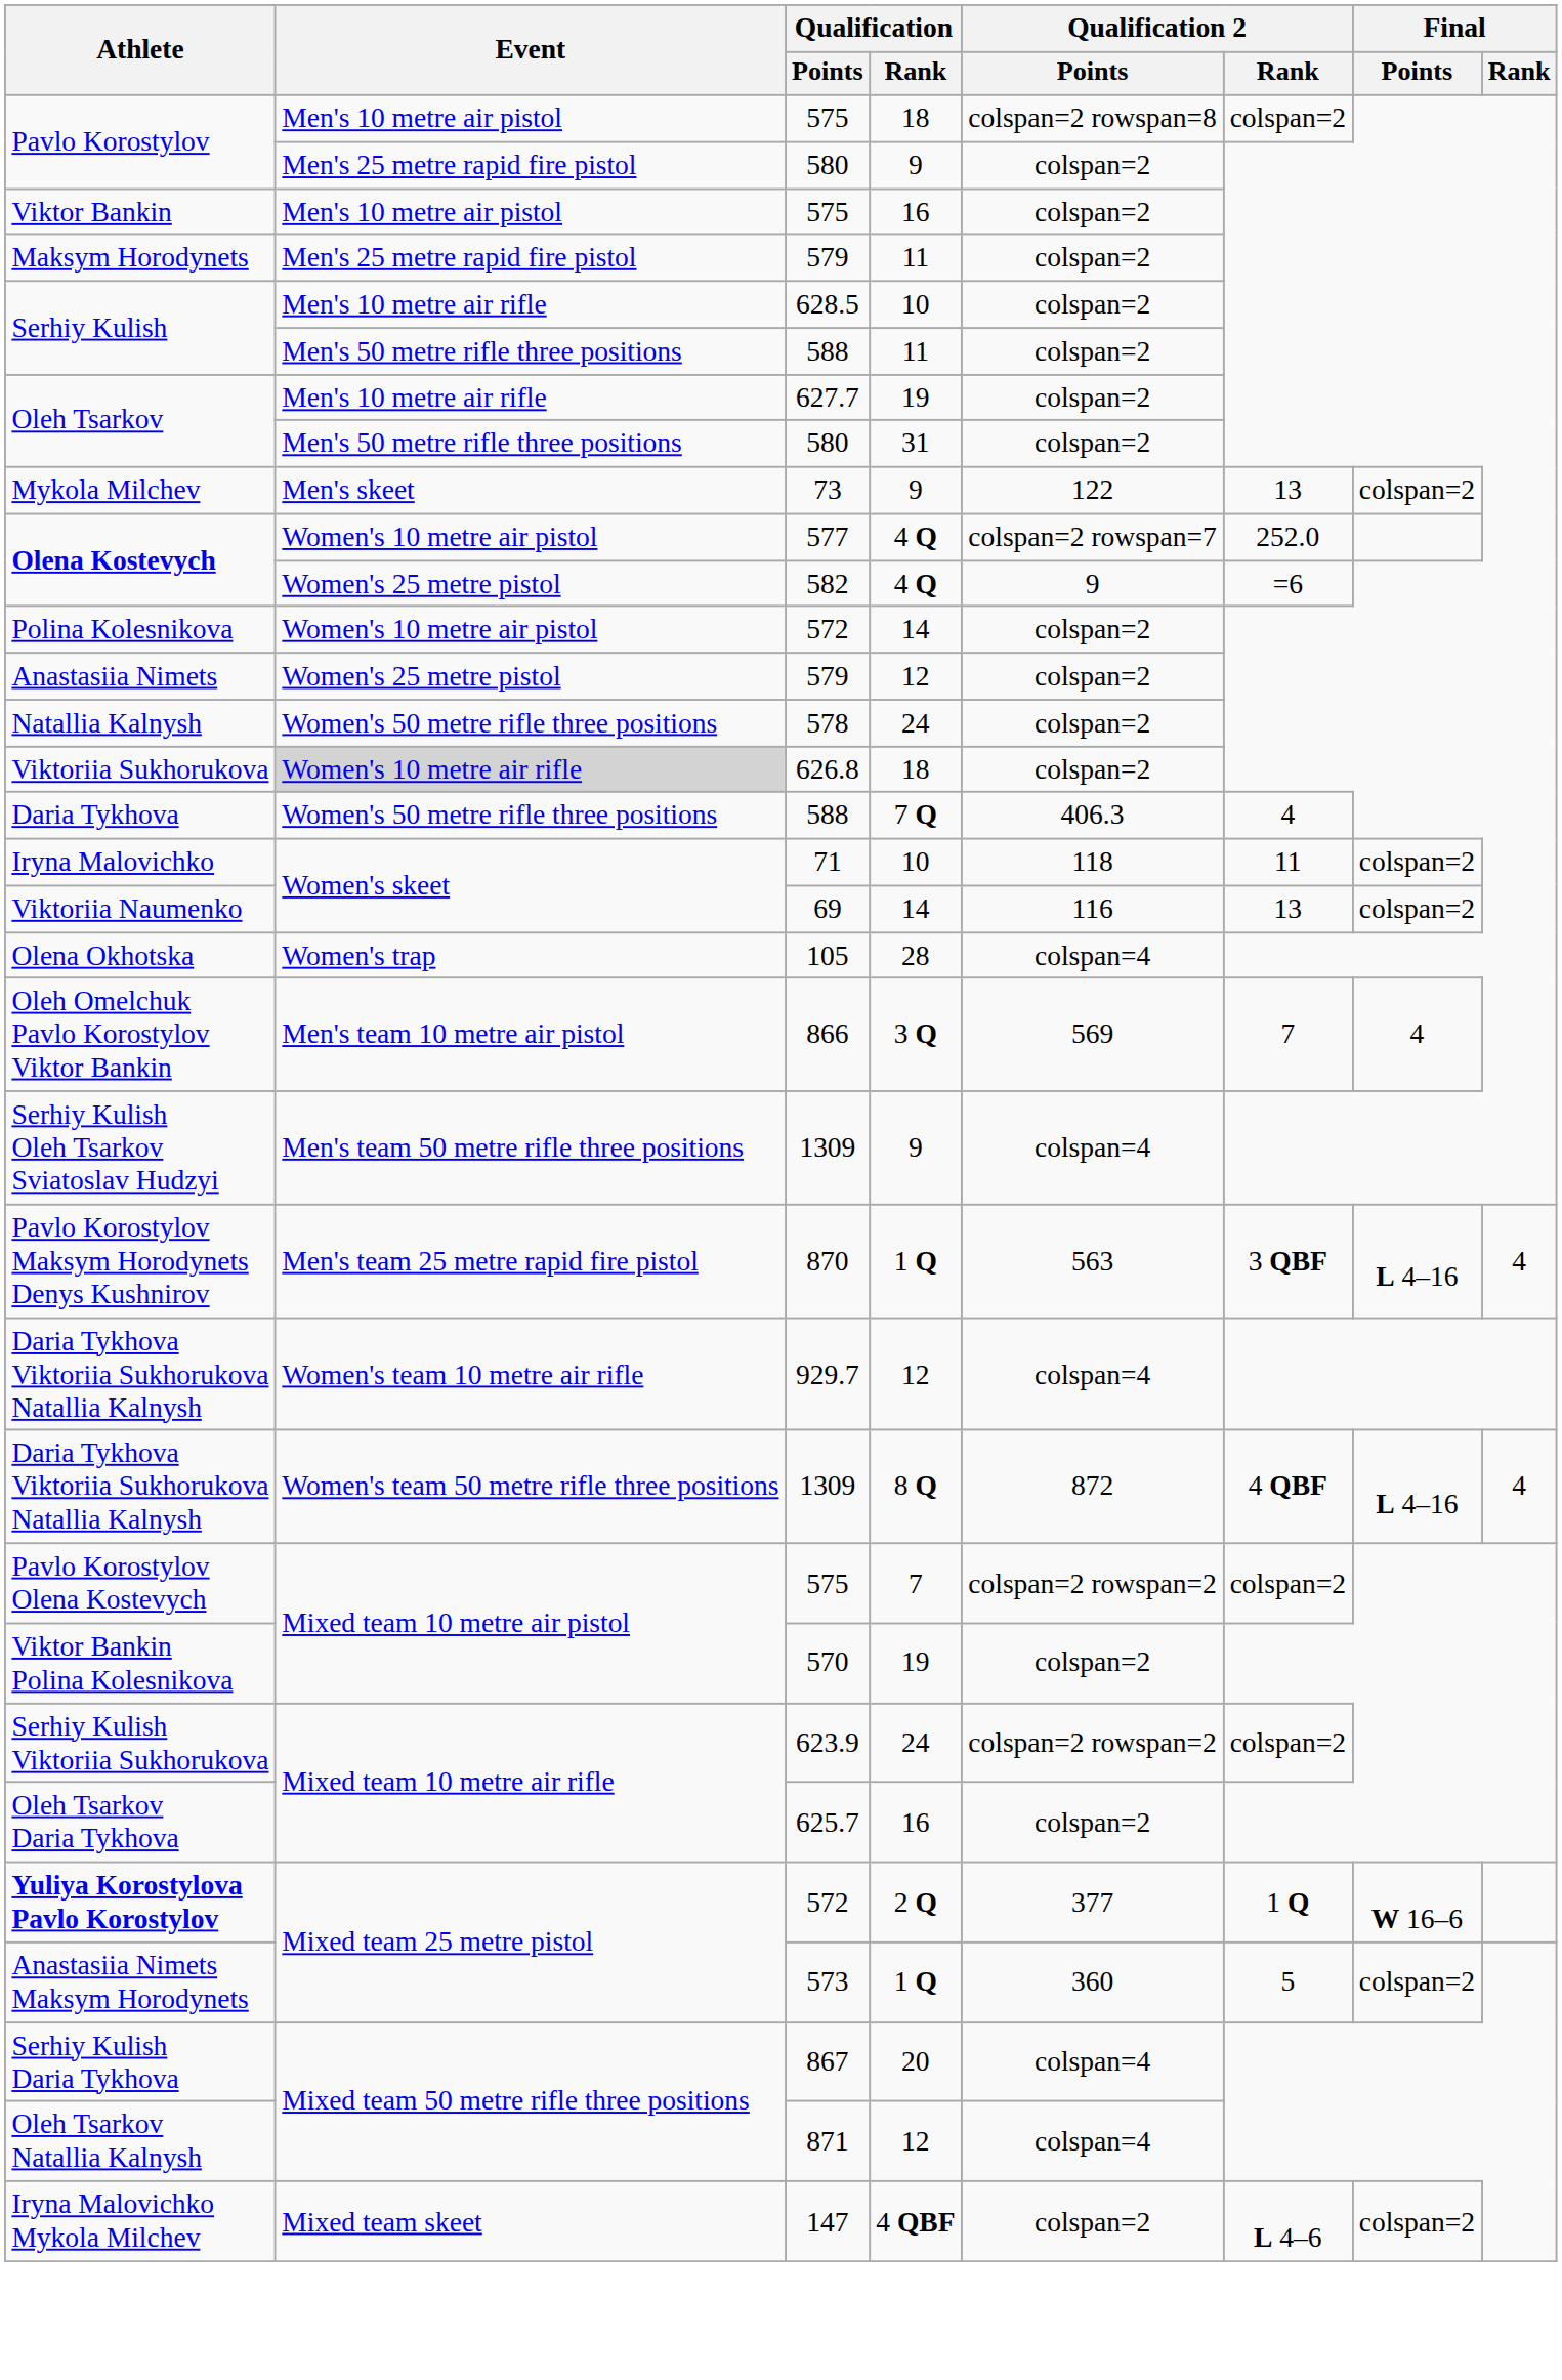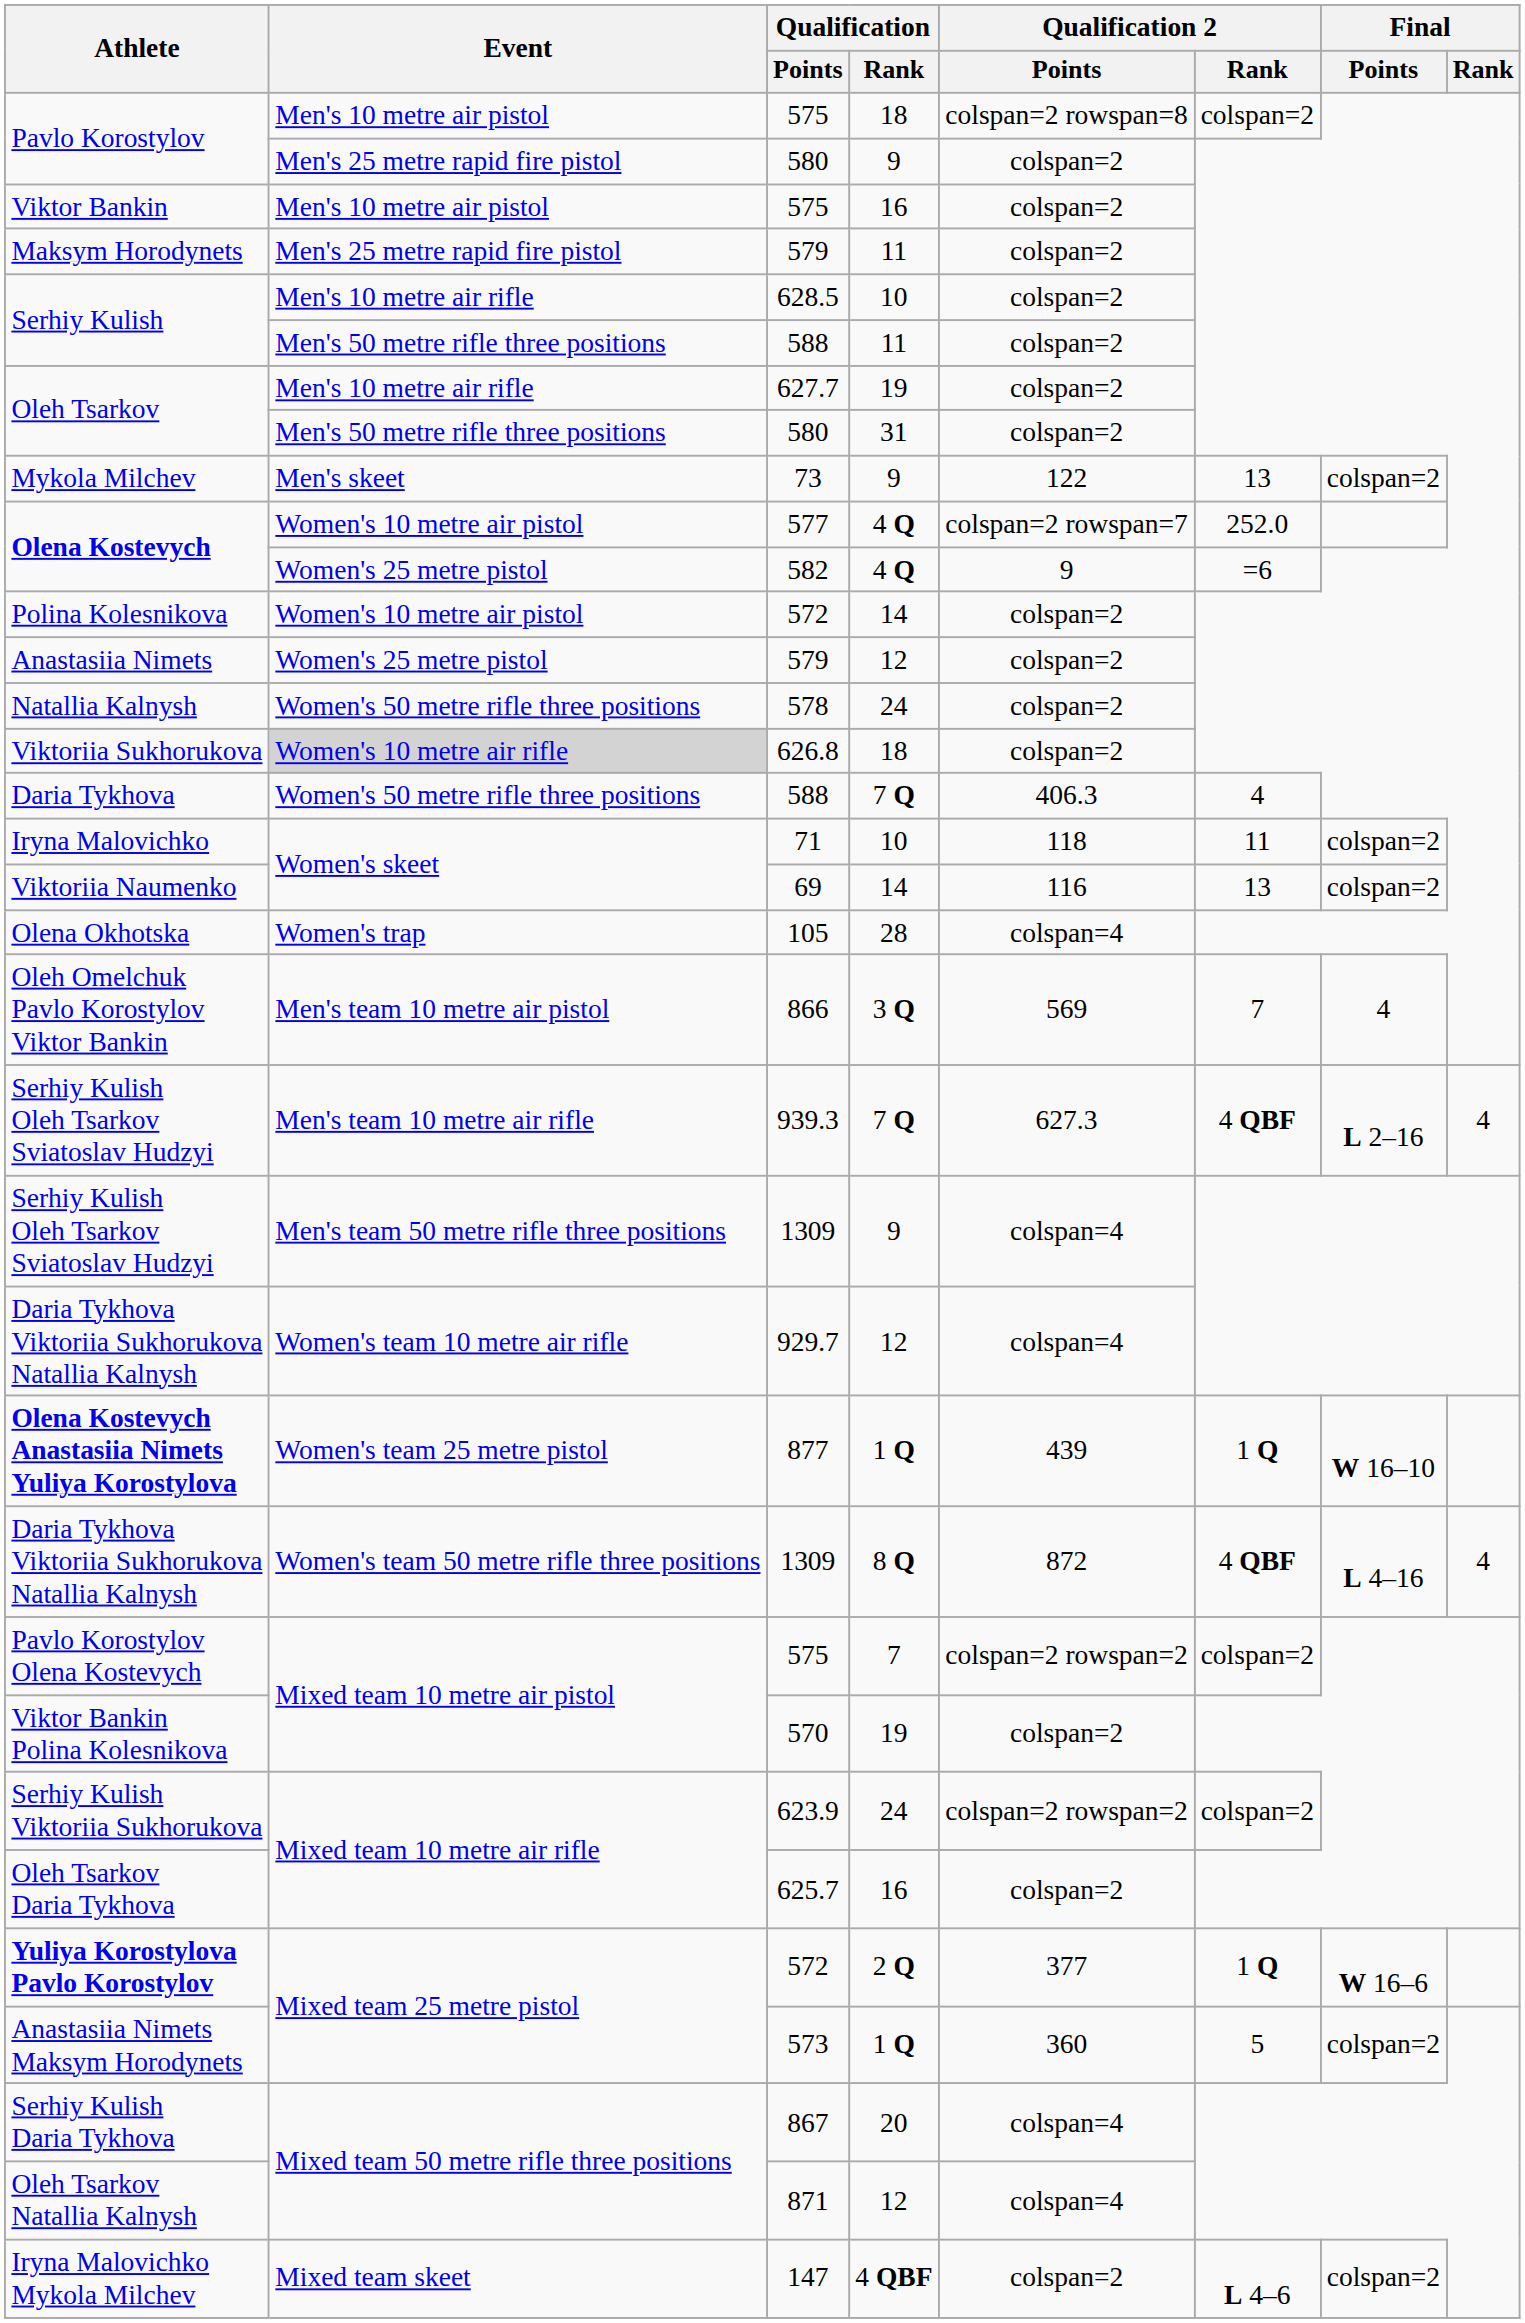 <table class="wikitable" style="font-size:90%">
 <tr>
 <th rowspan="2">Athlete</th>
 <th rowspan="2">Event</th>
 <th colspan=2>Qualification</th>
 <th colspan=2>Qualification 2</th>
 <th colspan=2>Final</th>
 </tr>
 <tr style="font-size:95%">
 <th>Points</th>
 <th>Rank</th>
 <th>Points</th>
 <th>Rank</th>
 <th>Points</th>
 <th>Rank</th>
 </tr>
 <tr align=center>
 <td align=left rowspan=2><a href='#'>Pavlo Korostylov</a></td>
 <td align=left><a href='#'>Men's 10 metre air pistol</a></td>
 <td>575</td>
 <td>18</td>
 <td>colspan=2 rowspan=8 </td>
 <td>colspan=2 </td>
 </tr>
 <tr align=center>
 <td align=left><a href='#'>Men's 25 metre rapid fire pistol</a></td>
 <td>580</td>
 <td>9</td>
 <td>colspan=2 </td>
 </tr>
 <tr align=center>
 <td align=left><a href='#'>Viktor Bankin</a></td>
 <td align=left><a href='#'>Men's 10 metre air pistol</a></td>
 <td>575</td>
 <td>16</td>
 <td>colspan=2 </td>
 </tr>
 <tr align=center>
 <td align=left><a href='#'>Maksym Horodynets</a></td>
 <td align=left><a href='#'>Men's 25 metre rapid fire pistol</a></td>
 <td>579</td>
 <td>11</td>
 <td>colspan=2 </td>
 </tr>
 <tr align=center>
 <td align=left rowspan="2"><a href='#'>Serhiy Kulish</a></td>
 <td align=left><a href='#'>Men's 10 metre air rifle</a></td>
 <td>628.5</td>
 <td>10</td>
 <td>colspan=2 </td>
 </tr>
 <tr align=center>
 <td align=left><a href='#'>Men's 50 metre rifle three positions</a></td>
 <td>588</td>
 <td>11</td>
 <td>colspan=2 </td>
 </tr>
 <tr align=center>
 <td align=left rowspan="2"><a href='#'>Oleh Tsarkov</a></td>
 <td align=left><a href='#'>Men's 10 metre air rifle</a></td>
 <td>627.7</td>
 <td>19</td>
 <td>colspan=2 </td>
 </tr>
 <tr align=center>
 <td align=left><a href='#'>Men's 50 metre rifle three positions</a></td>
 <td>580</td>
 <td>31</td>
 <td>colspan=2 </td>
 </tr>
 <tr align=center>
 <td align=left><a href='#'>Mykola Milchev</a></td>
 <td align=left><a href='#'>Men's skeet</a></td>
 <td>73</td>
 <td>9</td>
 <td>122</td>
 <td>13</td>
 <td>colspan=2 </td>
 </tr>
 <tr align=center>
 <td align=left rowspan=2><strong><a href='#'>Olena Kostevych</a></strong></td>
 <td align=left><a href='#'>Women's 10 metre air pistol</a></td>
 <td>577</td>
 <td>4 <strong>Q</strong></td>
 <td>colspan=2 rowspan=7 </td>
 <td>252.0</td>
 <td></td>
 </tr>
 <tr align=center>
 <td align=left><a href='#'>Women's 25 metre pistol</a></td>
 <td>582</td>
 <td>4 <strong>Q</strong></td>
 <td>9</td>
 <td>=6</td>
 </tr>
 <tr align=center>
 <td align=left><a href='#'>Polina Kolesnikova</a></td>
 <td align=left><a href='#'>Women's 10 metre air pistol</a></td>
 <td>572</td>
 <td>14</td>
 <td>colspan=2 </td>
 </tr>
 <tr align=center>
 <td align=left><a href='#'>Anastasiia Nimets</a></td>
 <td align=left><a href='#'>Women's 25 metre pistol</a></td>
 <td>579</td>
 <td>12</td>
 <td>colspan=2 </td>
 </tr>
 <tr align=center>
 <td align=left><a href='#'>Natallia Kalnysh</a></td>
 <td align=left><a href='#'>Women's 50 metre rifle three positions</a></td>
 <td>578</td>
 <td>24</td>
 <td>colspan=2 </td>
 </tr>
 <tr align=center>
 <td align=left><a href='#'>Viktoriia Sukhorukova</a></td>
 <td align=left style="background: lightgrey;"><a href='#'>Women's 10 metre air rifle</a></td>
 <td>626.8</td>
 <td>18</td>
 <td>colspan=2 </td>
 </tr>
 <tr align=center>
 <td align=left><a href='#'>Daria Tykhova</a></td>
 <td align=left><a href='#'>Women's 50 metre rifle three positions</a></td>
 <td>588</td>
 <td>7 <strong>Q</strong></td>
 <td>406.3</td>
 <td>4</td>
 </tr>
 <tr align=center>
 <td align=left><a href='#'>Iryna Malovichko</a></td>
 <td align=left rowspan="2"><a href='#'>Women's skeet</a></td>
 <td>71</td>
 <td>10</td>
 <td>118</td>
 <td>11</td>
 <td>colspan=2 </td>
 </tr>
 <tr align=center>
 <td align=left><a href='#'>Viktoriia Naumenko</a></td>
 <td>69</td>
 <td>14</td>
 <td>116</td>
 <td>13</td>
 <td>colspan=2 </td>
 </tr>
 <tr align=center>
 <td align=left><a href='#'>Olena Okhotska</a></td>
 <td align=left><a href='#'>Women's trap</a></td>
 <td>105</td>
 <td>28</td>
 <td>colspan=4 </td>
 </tr>
 <tr align=center>
 <td align=left><a href='#'>Oleh Omelchuk</a><br><a href='#'>Pavlo Korostylov</a><br><a href='#'>Viktor Bankin</a></td>
 <td align=left><a href='#'>Men's team 10 metre air pistol</a></td>
 <td>866</td>
 <td>3 <strong>Q</strong></td>
 <td>569</td>
 <td>7</td>
 <td>4</td>
 </tr>
 <tr align=center>
 <td align=left><a href='#'>Serhiy Kulish</a><br><a href='#'>Oleh Tsarkov</a><br><a href='#'>Sviatoslav Hudzyi</a></td>
+<td align=left><a href='#'>Men's team 10 metre air rifle</a></td>
+<td>939.3</td>
+<td>7 <strong>Q</strong></td>
+<td>627.3</td>
+<td>4 <strong>QBF</strong></td>
+<td><br><strong>L</strong> 2–16</td>
+<td>4</td>
+</tr>
+<tr align=center>
+<td align=left><a href='#'>Serhiy Kulish</a><br><a href='#'>Oleh Tsarkov</a><br><a href='#'>Sviatoslav Hudzyi</a></td>
 <td align=left><a href='#'>Men's team 50 metre rifle three positions</a></td>
 <td>1309</td>
 <td>9</td>
 <td>colspan=4 </td>
-</tr>
-<tr align=center>
-<td align=left><a href='#'>Pavlo Korostylov</a><br><a href='#'>Maksym Horodynets</a><br><a href='#'>Denys Kushnirov</a></td>
-<td align=left><a href='#'>Men's team 25 metre rapid fire pistol</a></td>
-<td>870</td>
-<td>1 <strong>Q</strong></td>
-<td>563</td>
-<td>3 <strong>QBF</strong></td>
-<td><br><strong>L</strong> 4–16</td>
-<td>4</td>
 </tr>
 <tr align=center>
 <td align=left><a href='#'>Daria Tykhova</a><br><a href='#'>Viktoriia Sukhorukova</a><br><a href='#'>Natallia Kalnysh</a></td>
 <td align=left><a href='#'>Women's team 10 metre air rifle</a></td>
 <td>929.7</td>
 <td>12</td>
 <td>colspan=4 </td>
+</tr>
+<tr align=center>
+<td align=left><strong><a href='#'>Olena Kostevych</a><br><a href='#'>Anastasiia Nimets</a><br><a href='#'>Yuliya Korostylova</a></strong></td>
+<td align=left><a href='#'>Women's team 25 metre pistol</a></td>
+<td>877</td>
+<td>1 <strong>Q</strong></td>
+<td>439</td>
+<td>1 <strong>Q</strong></td>
+<td><br><strong>W</strong> 16–10</td>
+<td></td>
 </tr>
 <tr align=center>
 <td align=left><a href='#'>Daria Tykhova</a><br><a href='#'>Viktoriia Sukhorukova</a><br><a href='#'>Natallia Kalnysh</a></td>
 <td align=left><a href='#'>Women's team 50 metre rifle three positions</a></td>
 <td>1309</td>
 <td>8 <strong>Q</strong></td>
 <td>872</td>
 <td>4 <strong>QBF</strong></td>
 <td><br><strong>L</strong> 4–16</td>
 <td>4</td>
 </tr>
 <tr align=center>
 <td align=left><a href='#'>Pavlo Korostylov</a><br><a href='#'>Olena Kostevych</a></td>
 <td align=left rowspan=2><a href='#'>Mixed team 10 metre air pistol</a></td>
 <td>575</td>
 <td>7</td>
 <td>colspan=2 rowspan=2 </td>
 <td>colspan=2 </td>
 </tr>
 <tr align=center>
 <td align=left><a href='#'>Viktor Bankin</a><br><a href='#'>Polina Kolesnikova</a></td>
 <td>570</td>
 <td>19</td>
 <td>colspan=2 </td>
 </tr>
 <tr align=center>
 <td align=left><a href='#'>Serhiy Kulish</a><br><a href='#'>Viktoriia Sukhorukova</a></td>
 <td align=left rowspan=2><a href='#'>Mixed team 10 metre air rifle</a></td>
 <td>623.9</td>
 <td>24</td>
 <td>colspan=2 rowspan=2 </td>
 <td>colspan=2 </td>
 </tr>
 <tr align=center>
 <td align=left><a href='#'>Oleh Tsarkov</a><br><a href='#'>Daria Tykhova</a></td>
 <td>625.7</td>
 <td>16</td>
 <td>colspan=2 </td>
 </tr>
 <tr align=center>
 <td align=left><strong><a href='#'>Yuliya Korostylova</a><br><a href='#'>Pavlo Korostylov</a></strong></td>
 <td align=left rowspan=2><a href='#'>Mixed team 25 metre pistol</a></td>
 <td>572</td>
 <td>2 <strong>Q</strong></td>
 <td>377</td>
 <td>1 <strong>Q</strong></td>
 <td><br><strong>W</strong> 16–6</td>
 <td></td>
 </tr>
 <tr align=center>
 <td align=left><a href='#'>Anastasiia Nimets</a><br><a href='#'>Maksym Horodynets</a></td>
 <td>573</td>
 <td>1 <strong>Q</strong></td>
 <td>360</td>
 <td>5</td>
 <td>colspan=2 </td>
 </tr>
 <tr align=center>
 <td align=left><a href='#'>Serhiy Kulish</a><br><a href='#'>Daria Tykhova</a></td>
 <td align=left rowspan=2><a href='#'>Mixed team 50 metre rifle three positions</a></td>
 <td>867</td>
 <td>20</td>
 <td>colspan=4 </td>
 </tr>
 <tr align=center>
 <td align=left><a href='#'>Oleh Tsarkov</a><br><a href='#'>Natallia Kalnysh</a></td>
 <td>871</td>
 <td>12</td>
 <td>colspan=4 </td>
 </tr>
 <tr align=center>
 <td align=left><a href='#'>Iryna Malovichko</a><br><a href='#'>Mykola Milchev</a></td>
 <td align=left><a href='#'>Mixed team skeet</a></td>
 <td>147</td>
 <td>4 <strong>QBF</strong></td>
 <td>colspan=2 </td>
 <td><br><strong>L</strong> 4–6</td>
 <td>colspan=2 </td>
 </tr>
 </table>
